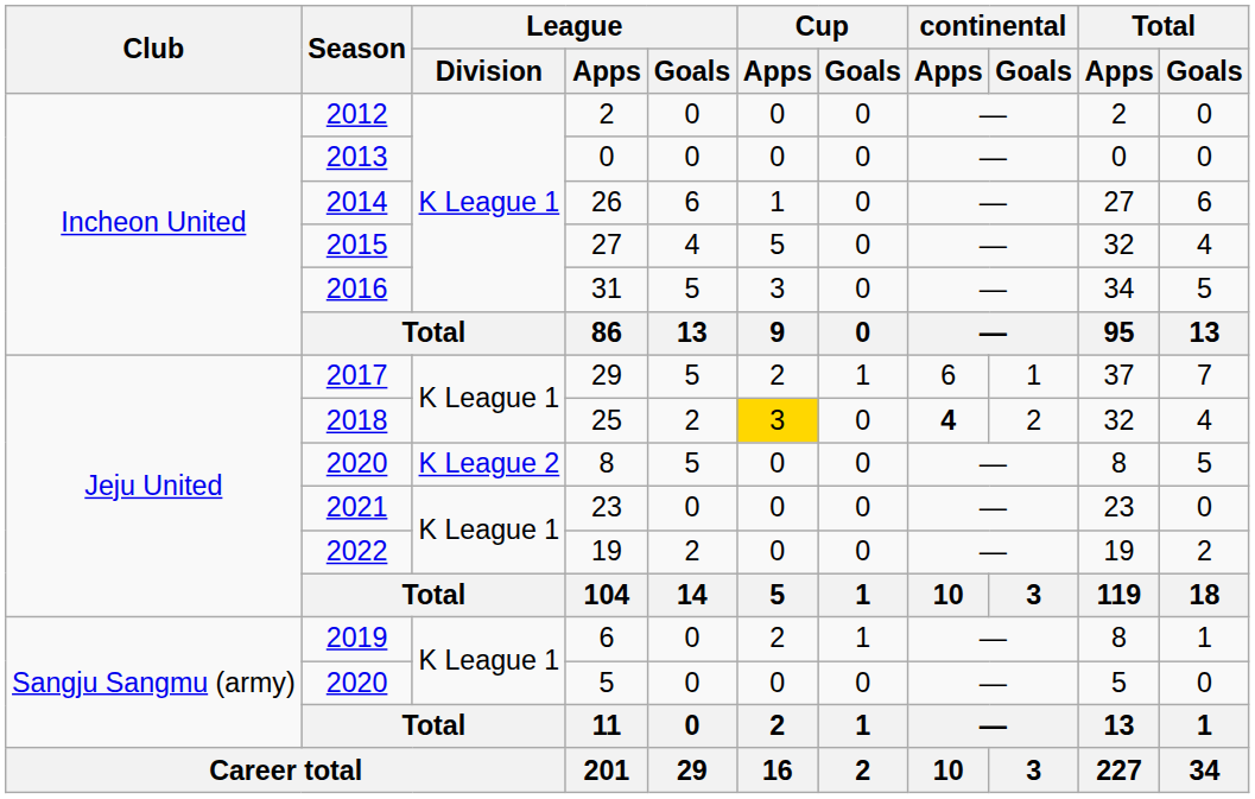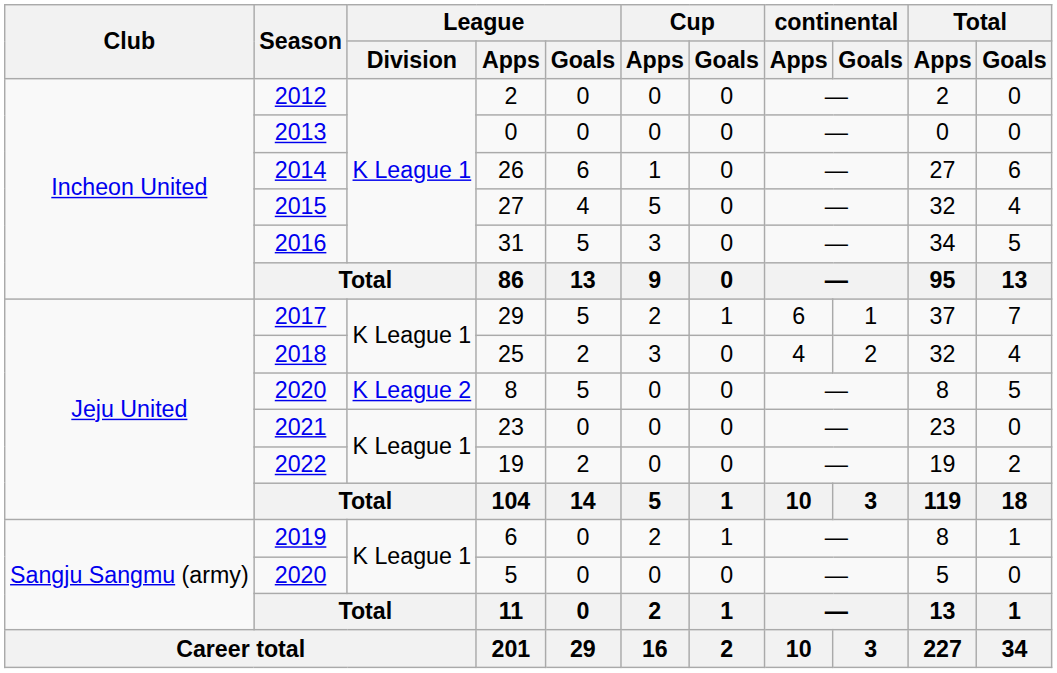 <table class="wikitable" style="text-align:center">
 <tr>
 <th rowspan=2>Club</th>
 <th rowspan=2>Season</th>
 <th colspan=3>League</th>
 <th colspan=2>Cup</th>
 <th colspan=2>continental</th>
 <th colspan=2>Total</th>
 </tr>
 <tr>
 <th>Division</th>
 <th>Apps</th>
 <th>Goals</th>
 <th>Apps</th>
 <th>Goals</th>
 <th>Apps</th>
 <th>Goals</th>
 <th>Apps</th>
 <th>Goals</th>
 </tr>
 <tr>
 <td rowspan=6><a href='#'>Incheon United</a></td>
 <td><a href='#'>2012</a></td>
 <td rowspan=5><a href='#'>K League 1</a></td>
 <td>2</td>
 <td>0</td>
 <td>0</td>
 <td>0</td>
 <td colspan=2>—</td>
 <td>2</td>
 <td>0</td>
 </tr>
 <tr>
 <td><a href='#'>2013</a></td>
 <td>0</td>
 <td>0</td>
 <td>0</td>
 <td>0</td>
 <td colspan=2>—</td>
 <td>0</td>
 <td>0</td>
 </tr>
 <tr>
 <td><a href='#'>2014</a></td>
 <td>26</td>
 <td>6</td>
 <td>1</td>
 <td>0</td>
 <td colspan=2>—</td>
 <td>27</td>
 <td>6</td>
 </tr>
 <tr>
 <td><a href='#'>2015</a></td>
 <td>27</td>
 <td>4</td>
 <td>5</td>
 <td>0</td>
 <td colspan=2>—</td>
 <td>32</td>
 <td>4</td>
 </tr>
 <tr>
 <td><a href='#'>2016</a></td>
 <td>31</td>
 <td>5</td>
 <td>3</td>
 <td>0</td>
 <td colspan=2>—</td>
 <td>34</td>
 <td>5</td>
 </tr>
 <tr>
 <th colspan=2>Total</th>
 <th>86</th>
 <th>13</th>
 <th>9</th>
 <th>0</th>
 <th colspan=2>—</th>
 <th>95</th>
 <th>13</th>
 </tr>
 <tr>
 <td rowspan=6><a href='#'>Jeju United</a></td>
 <td><a href='#'>2017</a></td>
 <td rowspan=2>K League 1</td>
 <td>29</td>
 <td>5</td>
 <td>2</td>
 <td>1</td>
 <td>6</td>
 <td>1</td>
 <td>37</td>
 <td>7</td>
 </tr>
 <tr>
 <td><a href='#'>2018</a></td>
 <td>25</td>
 <td>2</td>
-<td style="background: gold;">3</td>
+<td>3</td>
 <td>0</td>
-<td><strong>4</strong></td>
+<td>4</td>
 <td>2</td>
 <td>32</td>
 <td>4</td>
 </tr>
 <tr>
 <td><a href='#'>2020</a></td>
 <td><a href='#'>K League 2</a></td>
 <td>8</td>
 <td>5</td>
 <td>0</td>
 <td>0</td>
 <td colspan=2>—</td>
 <td>8</td>
 <td>5</td>
 </tr>
 <tr>
 <td><a href='#'>2021</a></td>
 <td rowspan=2>K League 1</td>
 <td>23</td>
 <td>0</td>
 <td>0</td>
 <td>0</td>
 <td colspan=2>—</td>
 <td>23</td>
 <td>0</td>
 </tr>
 <tr>
 <td><a href='#'>2022</a></td>
 <td>19</td>
 <td>2</td>
 <td>0</td>
 <td>0</td>
 <td colspan=2>—</td>
 <td>19</td>
 <td>2</td>
 </tr>
 <tr>
 <th colspan=2>Total</th>
 <th>104</th>
 <th>14</th>
 <th>5</th>
 <th>1</th>
 <th>10</th>
 <th>3</th>
 <th>119</th>
 <th>18</th>
 </tr>
 <tr>
 <td rowspan=3><a href='#'>Sangju Sangmu</a> (army)</td>
 <td><a href='#'>2019</a></td>
 <td rowspan=2>K League 1</td>
 <td>6</td>
 <td>0</td>
 <td>2</td>
 <td>1</td>
 <td colspan=2>—</td>
 <td>8</td>
 <td>1</td>
 </tr>
 <tr>
 <td><a href='#'>2020</a></td>
 <td>5</td>
 <td>0</td>
 <td>0</td>
 <td>0</td>
 <td colspan=2>—</td>
 <td>5</td>
 <td>0</td>
 </tr>
 <tr>
 <th colspan=2>Total</th>
 <th>11</th>
 <th>0</th>
 <th>2</th>
 <th>1</th>
 <th colspan=2>—</th>
 <th>13</th>
 <th>1</th>
 </tr>
 <tr>
 <th colspan=3>Career total</th>
 <th>201</th>
 <th>29</th>
 <th>16</th>
 <th>2</th>
 <th>10</th>
 <th>3</th>
 <th>227</th>
 <th>34</th>
 </tr>
 </table>
